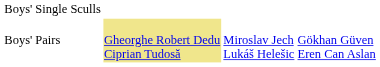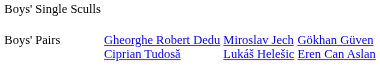 <table>
 <tr>
 <td>Boys' Single Sculls<br></td>
 <td></td>
 <td></td>
 <td></td>
 </tr>
 <tr>
 <td>Boys' Pairs<br></td>
-<td style="background: khaki;"> <br> <a href='#'>Gheorghe Robert Dedu</a> <br> <a href='#'>Ciprian Tudosă</a></td>
+<td> <br> <a href='#'>Gheorghe Robert Dedu</a> <br> <a href='#'>Ciprian Tudosă</a></td>
 <td> <br> <a href='#'>Miroslav Jech</a> <br> <a href='#'>Lukáš Helešic</a></td>
 <td> <br> <a href='#'>Gökhan Güven</a> <br> <a href='#'>Eren Can Aslan</a></td>
 </tr>
 <tr>
 </tr>
 </table>
